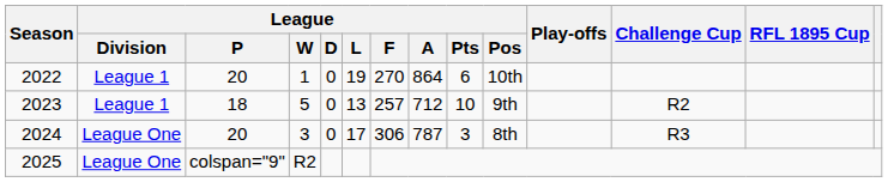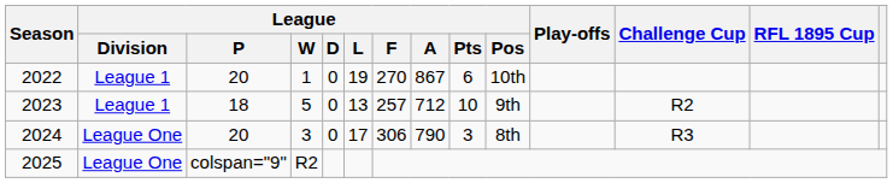 <table class="wikitable" style="text-align: center">
 <tr>
 <th rowspan="2" scope="col">Season</th>
 <th colspan="9" scope="col">League</th>
 <th rowspan="2" scope="col">Play-offs</th>
 <th rowspan="2" scope="col"><a href='#'>Challenge Cup</a></th>
 <th rowspan="2" scope="col"><a href='#'>RFL 1895 Cup</a></th>
 <th rowspan="2" scope="col"></th>
 </tr>
 <tr>
 <th scope="col">Division</th>
 <th scope="col">P</th>
 <th scope="col">W</th>
 <th scope="col">D</th>
 <th scope="col">L</th>
 <th scope="col">F</th>
 <th scope="col">A</th>
 <th scope="col">Pts</th>
 <th scope="col">Pos</th>
 </tr>
 <tr>
 <td scope="row">2022</td>
 <td><a href='#'>League 1</a></td>
 <td>20</td>
 <td>1</td>
 <td>0</td>
 <td>19</td>
 <td>270</td>
-<td>864</td>
+<td>867</td>
 <td>6</td>
 <td>10th</td>
 <td></td>
 <td></td>
 <td></td>
 <td></td>
 </tr>
 <tr>
 <td scope="row">2023</td>
 <td><a href='#'>League 1</a></td>
 <td>18</td>
 <td>5</td>
 <td>0</td>
 <td>13</td>
 <td>257</td>
 <td>712</td>
 <td>10</td>
 <td>9th</td>
 <td></td>
 <td>R2</td>
 <td></td>
 <td></td>
 </tr>
 <tr>
 <td scope="row">2024</td>
 <td><a href='#'>League One</a></td>
 <td>20</td>
 <td>3</td>
 <td>0</td>
 <td>17</td>
 <td>306</td>
-<td>787</td>
+<td>790</td>
 <td>3</td>
 <td>8th</td>
 <td></td>
 <td>R3</td>
 <td></td>
 <td></td>
 </tr>
 <tr>
 <td scope="row">2025</td>
 <td><a href='#'>League One</a></td>
 <td>colspan="9" </td>
 <td>R2</td>
 <td></td>
 <td></td>
 </tr>
 </table>
